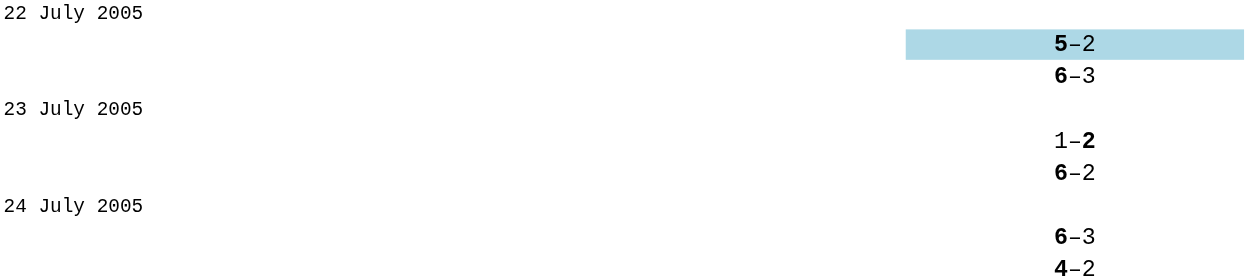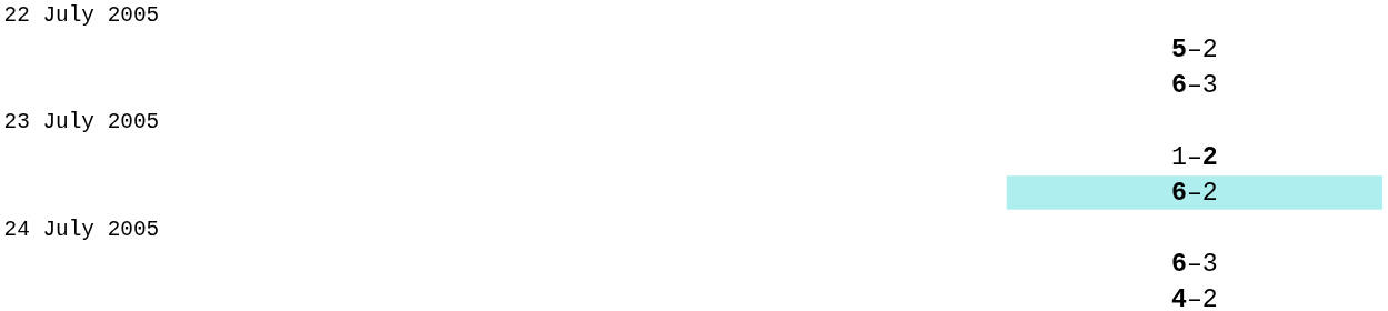 <table width=100% cellspacing=1>
 <tr>
 <th width=40%></th>
 <th width=15%></th>
 <th></th>
 </tr>
 <tr>
 <td><small>22 July 2005</small></td>
 </tr>
 <tr>
 <td align=right><strong></strong></td>
-<td align=center style="background: lightblue;"><strong>5</strong>–2</td>
+<td align=center><strong>5</strong>–2</td>
 <td></td>
 </tr>
 <tr>
 <td align=right><strong></strong></td>
 <td align=center><strong>6</strong>–3</td>
 <td></td>
 </tr>
 <tr>
 <td><small>23 July 2005</small></td>
 </tr>
 <tr>
 <td align=right></td>
 <td align=center>1–<strong>2</strong></td>
 <td></td>
 </tr>
 <tr>
 <td align=right><strong></strong></td>
-<td align=center><strong>6</strong>–2</td>
+<td align=center style="background: paleturquoise;"><strong>6</strong>–2</td>
 <td></td>
 </tr>
 <tr>
 <td><small>24 July 2005</small></td>
 </tr>
 <tr>
 <td align=right><strong></strong></td>
 <td align=center><strong>6</strong>–3</td>
 <td></td>
 </tr>
 <tr>
 <td align=right><strong></strong></td>
 <td align=center><strong>4</strong>–2</td>
 <td></td>
 </tr>
 </table>
